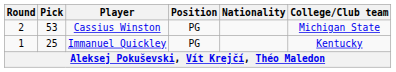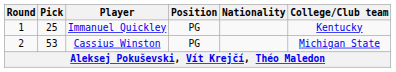 <table class="wikitable sortable sortable">
 <tr>
 <th>Round</th>
 <th>Pick</th>
 <th>Player</th>
 <th>Position</th>
 <th>Nationality</th>
 <th>College/Club team</th>
 </tr>
 <tr style="text-align: center">
+<td>1</td>
+<td>25</td>
+<td><a href='#'>Immanuel Quickley</a></td>
+<td>PG</td>
+<td></td>
+<td><a href='#'>Kentucky</a></td>
+</tr>
+<tr style="text-align: center">
 <td>2</td>
 <td>53</td>
 <td><a href='#'>Cassius Winston</a></td>
 <td>PG</td>
 <td></td>
 <td><a href='#'>Michigan State</a></td>
 </tr>
-<tr style="text-align: center">
-<td>1</td>
-<td>25</td>
-<td><a href='#'>Immanuel Quickley</a></td>
-<td>PG</td>
-<td></td>
-<td><a href='#'>Kentucky</a></td>
-</tr>
 <tr>
 <th scope="row" colspan="6" style="text-align:center;”"><a href='#'>Aleksej Pokuševski</a>, <a href='#'>Vít Krejčí</a>,  <a href='#'>Théo Maledon</a> </th>
 </tr>
 </table>
